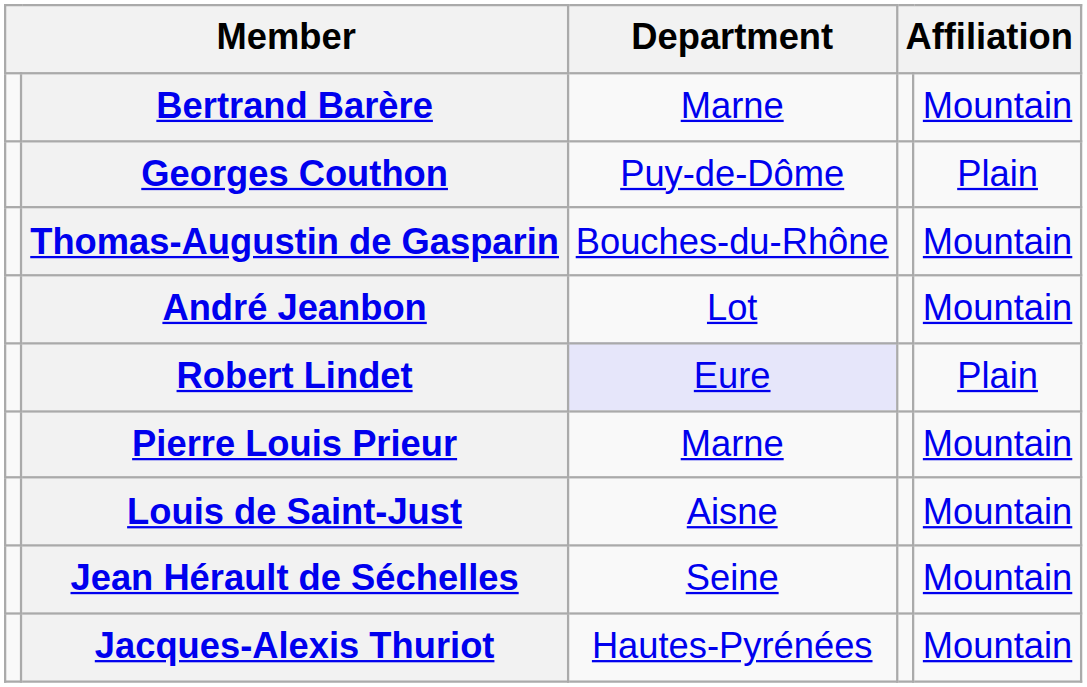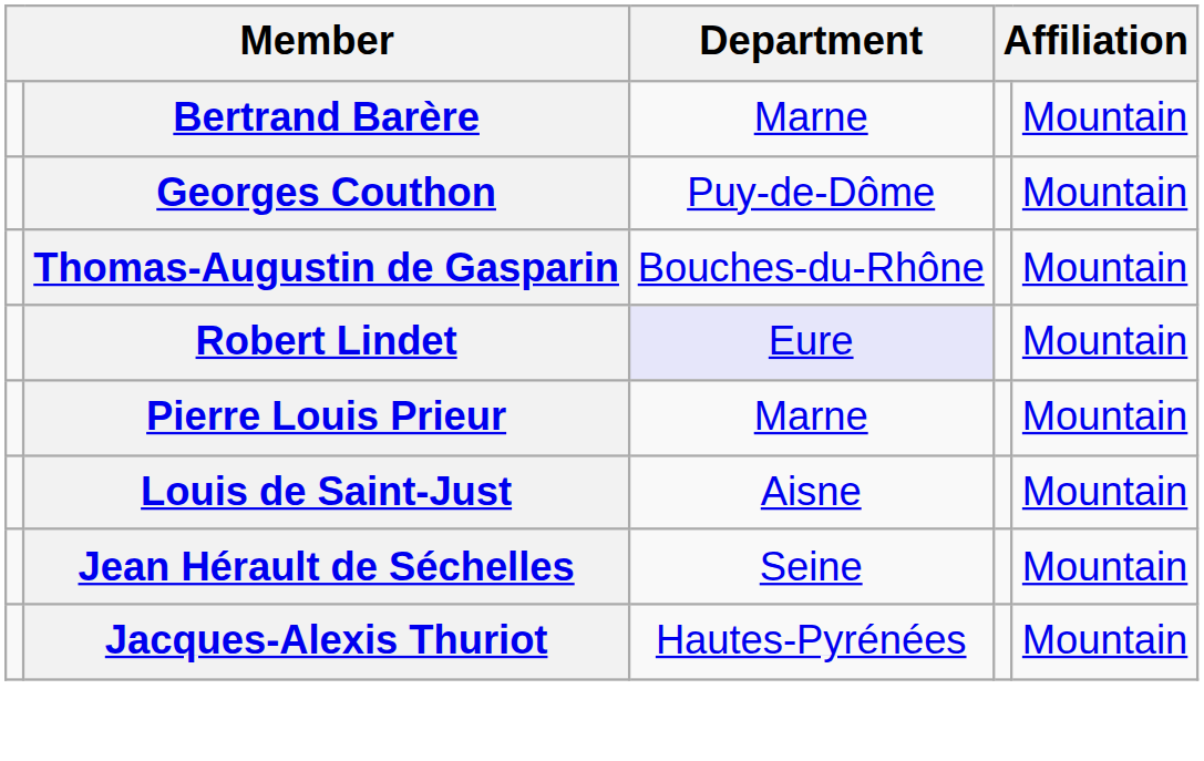 <table class="wikitable" style="line-height:1.4em; text-align:center">
 <tr>
 <th colspan=2>Member</th>
 <th>Department</th>
 <th colspan=2>Affiliation</th>
 </tr>
 <tr>
 <td></td>
 <th><a href='#'>Bertrand Barère</a></th>
 <td><a href='#'>Marne</a></td>
 <td></td>
 <td><a href='#'>Mountain</a></td>
 </tr>
 <tr>
 <td></td>
 <th><a href='#'>Georges Couthon</a></th>
 <td><a href='#'>Puy-de-Dôme</a></td>
 <td></td>
-<td><a href='#'>Plain</a></td>
+<td><a href='#'>Mountain</a></td>
 </tr>
 <tr>
 <td></td>
 <th><a href='#'>Thomas-Augustin de Gasparin</a></th>
 <td><a href='#'>Bouches-du-Rhône</a></td>
 <td></td>
 <td><a href='#'>Mountain</a></td>
 </tr>
 <tr>
 <td></td>
-<th><a href='#'>André Jeanbon</a></th>
-<td><a href='#'>Lot</a></td>
-<td></td>
-<td><a href='#'>Mountain</a></td>
-</tr>
-<tr>
-<td></td>
 <th><a href='#'>Robert Lindet</a></th>
 <td style="background: lavender;"><a href='#'>Eure</a></td>
 <td></td>
-<td><a href='#'>Plain</a></td>
+<td><a href='#'>Mountain</a></td>
 </tr>
 <tr>
 <td></td>
 <th><a href='#'>Pierre Louis Prieur</a></th>
 <td><a href='#'>Marne</a></td>
 <td></td>
 <td><a href='#'>Mountain</a></td>
 </tr>
 <tr>
 <td></td>
 <th><a href='#'>Louis de Saint-Just</a></th>
 <td><a href='#'>Aisne</a></td>
 <td></td>
 <td><a href='#'>Mountain</a></td>
 </tr>
 <tr>
 <td></td>
 <th><a href='#'>Jean Hérault de Séchelles</a></th>
 <td><a href='#'>Seine</a></td>
 <td></td>
 <td><a href='#'>Mountain</a></td>
 </tr>
 <tr>
 <td></td>
 <th><a href='#'>Jacques-Alexis Thuriot</a></th>
 <td><a href='#'>Hautes-Pyrénées</a></td>
 <td></td>
 <td><a href='#'>Mountain</a></td>
 </tr>
 </table>
